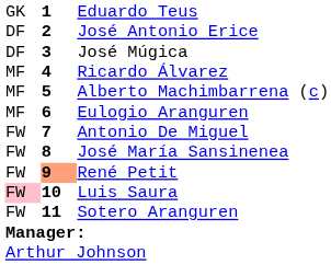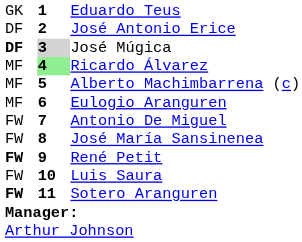 <table style="font-size:90%; margin:0.2em auto;" cellspacing="0" cellpadding="0">
 <tr>
 <th width="25"></th>
 <th width="25"></th>
 </tr>
 <tr>
 <td>GK</td>
 <td><strong>1</strong></td>
 <td> <a href='#'>Eduardo Teus</a></td>
 </tr>
 <tr>
 <td>DF</td>
 <td><strong>2</strong></td>
 <td> <a href='#'>José Antonio Erice</a></td>
 </tr>
 <tr>
-<td>DF</td>
-<td><strong>3</strong></td>
+<td><strong>DF</strong></td>
+<td style="background: lightgrey;"><strong>3</strong></td>
 <td> José Múgica</td>
 </tr>
 <tr>
 <td>MF</td>
-<td><strong>4</strong></td>
+<td style="background: lightgreen;"><strong>4</strong></td>
 <td> <a href='#'>Ricardo Álvarez</a></td>
 </tr>
 <tr>
 <td>MF</td>
 <td><strong>5</strong></td>
 <td> <a href='#'>Alberto Machimbarrena</a> (<a href='#'>c</a>)</td>
 </tr>
 <tr>
 <td>MF</td>
 <td><strong>6</strong></td>
 <td> <a href='#'>Eulogio Aranguren</a></td>
 </tr>
 <tr>
 <td>FW</td>
 <td><strong>7</strong></td>
 <td> <a href='#'>Antonio De Miguel</a></td>
 </tr>
 <tr>
 <td>FW</td>
 <td><strong>8</strong></td>
 <td> <a href='#'>José María Sansinenea</a></td>
 </tr>
 <tr>
-<td>FW</td>
-<td style="background: lightsalmon;"><strong>9</strong></td>
+<td><strong>FW</strong></td>
+<td><strong>9</strong></td>
 <td> <a href='#'>René Petit</a></td>
 </tr>
 <tr>
-<td style="background: pink;">FW</td>
+<td>FW</td>
 <td><strong>10</strong></td>
 <td> <a href='#'>Luis Saura</a></td>
 </tr>
 <tr>
-<td>FW</td>
+<td><strong>FW</strong></td>
 <td><strong>11</strong></td>
 <td> <a href='#'>Sotero Aranguren</a></td>
 </tr>
 <tr>
 <td colspan=3><strong>Manager:</strong></td>
 </tr>
 <tr>
 <td colspan=4> <a href='#'>Arthur Johnson</a></td>
 </tr>
 </table>
